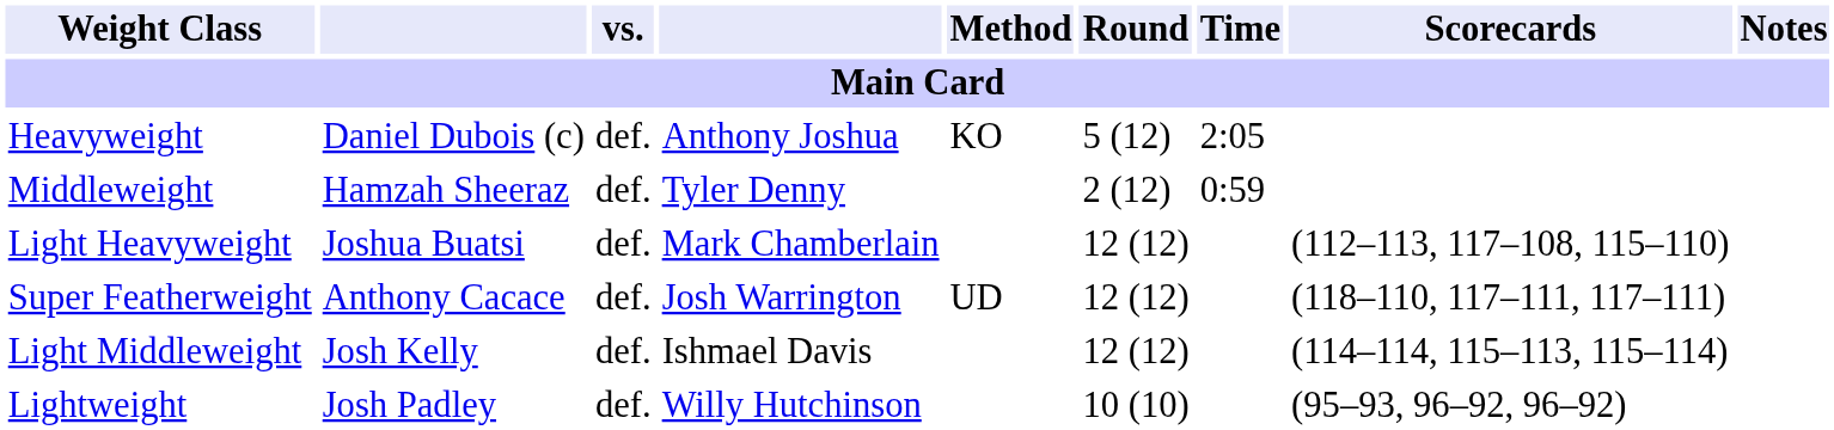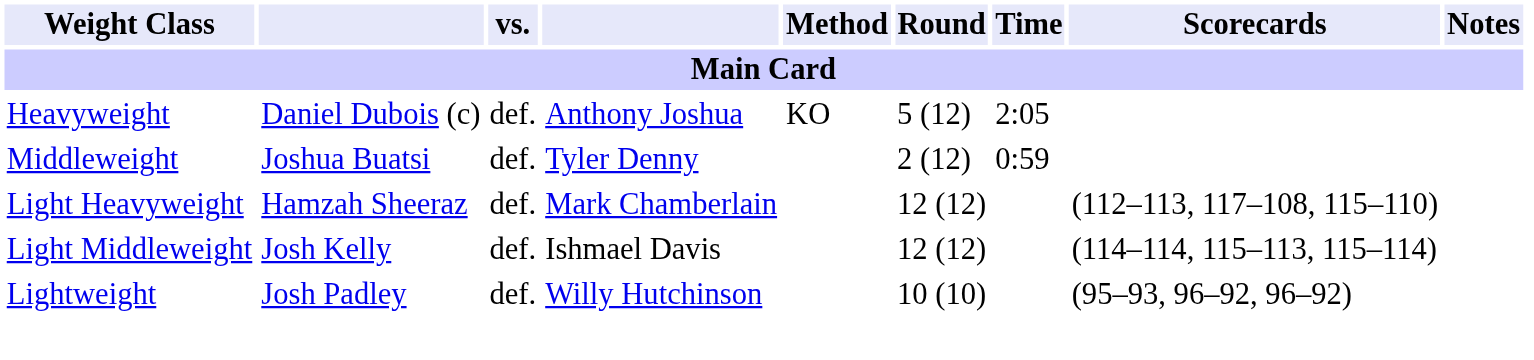 <table class="toccolours" style="font-size: 85%;">
 <tr>
 <th style="background:#e6e8fa; color:#000; text-align:centre;">Weight Class</th>
 <th style="background:#e6e8fa; color:#000; text-align:centre;"></th>
 <th style="background:#e6e8fa; color:#000; text-align:centre;">vs.</th>
 <th style="background:#e6e8fa; color:#000; text-align:centre;"></th>
 <th style="background:#e6e8fa; color:#000; text-align:centre;">Method</th>
 <th style="background:#e6e8fa; color:#000; text-align:centre;">Round</th>
 <th style="background:#e6e8fa; color:#000; text-align:centre;">Time</th>
 <th style="background:#e6e8fa; color:#000; text-align:centre;">Scorecards</th>
 <th style="background:#e6e8fa; color:#000; text-align:centre;">Notes</th>
 </tr>
 <tr>
 <th colspan="9" style="background-color: #ccccff;">Main Card</th>
 </tr>
 <tr>
 <td><a href='#'>Heavyweight</a></td>
 <td><a href='#'>Daniel Dubois</a> (c)</td>
 <td>def.</td>
 <td><a href='#'>Anthony Joshua</a></td>
 <td align="centre">KO</td>
 <td align="centre">5 (12)</td>
 <td align="centre">2:05</td>
 <td></td>
 <td></td>
 </tr>
 <tr>
 <td><a href='#'>Middleweight</a></td>
-<td><a href='#'>Hamzah Sheeraz</a></td>
+<td><a href='#'>Joshua Buatsi</a></td>
 <td>def.</td>
 <td><a href='#'>Tyler Denny</a></td>
 <td align="centre"></td>
 <td align="centre">2 (12)</td>
 <td align="centre">0:59</td>
 <td></td>
 <td></td>
 </tr>
 <tr>
 <td><a href='#'>Light Heavyweight</a></td>
-<td><a href='#'>Joshua Buatsi</a></td>
+<td><a href='#'>Hamzah Sheeraz</a></td>
 <td>def.</td>
 <td><a href='#'>Mark Chamberlain</a></td>
 <td align="centre"></td>
 <td align="centre">12 (12)</td>
 <td align="centre"></td>
 <td align="centre">(112–113, 117–108, 115–110)</td>
-<td></td>
-</tr>
-<tr>
-<td><a href='#'>Super Featherweight</a></td>
-<td><a href='#'>Anthony Cacace</a></td>
-<td>def.</td>
-<td><a href='#'>Josh Warrington</a></td>
-<td align="centre">UD</td>
-<td align="centre">12 (12)</td>
-<td align="centre"></td>
-<td align="centre">(118–110, 117–111, 117–111)</td>
 <td></td>
 </tr>
 <tr>
 <td><a href='#'>Light Middleweight</a></td>
 <td><a href='#'>Josh Kelly</a></td>
 <td>def.</td>
 <td>Ishmael Davis</td>
 <td align="centre"></td>
 <td align="centre">12 (12)</td>
 <td align="centre"></td>
 <td align="centre">(114–114, 115–113, 115–114)</td>
 <td></td>
 </tr>
 <tr>
 <td><a href='#'>Lightweight</a></td>
 <td><a href='#'>Josh Padley</a></td>
 <td>def.</td>
 <td><a href='#'>Willy Hutchinson</a></td>
 <td align="centre"></td>
 <td align="centre">10 (10)</td>
 <td align="centre"></td>
 <td align="centre">(95–93, 96–92, 96–92)</td>
 <td></td>
 </tr>
 </table>
